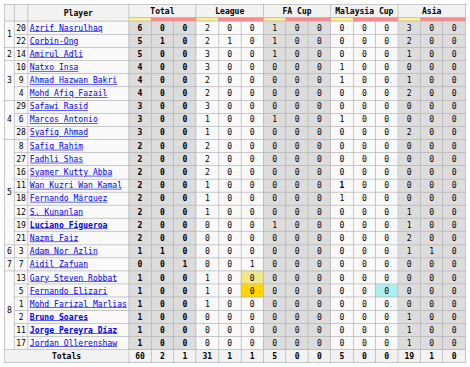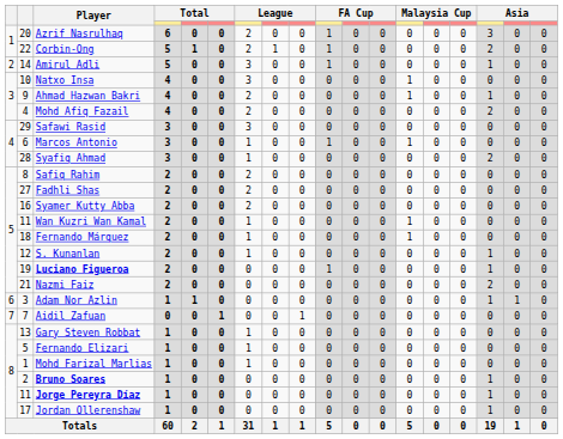 <table class="wikitable" style="text-align:center;">
 <tr style="text-align:center;">
 <th style="width:10px;" rowspan="2"></th>
 <th style="width:10px;" rowspan="2"></th>
 <th rowspan="2">Player</th>
 <th colspan="3">Total</th>
 <th colspan="3">League</th>
 <th colspan="3">FA Cup</th>
 <th colspan="3">Malaysia Cup</th>
 <th colspan="3">Asia</th>
 </tr>
 <tr>
 <th style="width:30px; background:#fe9;"></th>
 <th style="width:30px; background:#ff8888;"></th>
 <th style="width:30px; background:#ff8888;"></th>
 <th style="width:30px; background:#fe9;"></th>
 <th style="width:30px; background:#ff8888;"></th>
 <th style="width:30px; background:#ff8888;"></th>
 <th style="width:30px; background:#fe9;"></th>
 <th style="width:30px; background:#ff8888;"></th>
 <th style="width:30px; background:#ff8888;"></th>
 <th style="width:30px; background:#fe9;"></th>
 <th style="width:30px; background:#ff8888;"></th>
 <th style="width:30px; background:#ff8888;"></th>
 <th style="width:30px; background:#fe9;"></th>
 <th style="width:30px; background:#ff8888;"></th>
 <th style="width:30px; background:#ff8888;"></th>
 </tr>
 <tr>
 <td rowspan="2">1</td>
 <td>20</td>
 <td align=left> <a href='#'>Azrif Nasrulhaq</a></td>
 <td style="background:#DCDCDC"><strong>6</strong> </td>
 <td style="background:#DCDCDC"><strong>0</strong> </td>
 <td style="background:#DCDCDC"><strong>0</strong> </td>
 <td>2 </td>
 <td>0 </td>
 <td>0 </td>
 <td style="background:#DCDCDC">1 </td>
 <td style="background:#DCDCDC">0 </td>
 <td style="background:#DCDCDC">0 </td>
 <td>0 </td>
 <td>0 </td>
 <td>0 </td>
 <td style="background:#DCDCDC">3 </td>
 <td style="background:#DCDCDC">0 </td>
 <td style="background:#DCDCDC">0 </td>
 </tr>
 <tr>
 <td>22</td>
 <td align=left> <a href='#'>Corbin-Ong</a></td>
 <td style="background:#DCDCDC"><strong>5</strong> </td>
 <td style="background:#DCDCDC"><strong>1</strong> </td>
 <td style="background:#DCDCDC"><strong>0</strong> </td>
 <td>2 </td>
 <td>1 </td>
 <td>0 </td>
 <td style="background:#DCDCDC">1 </td>
 <td style="background:#DCDCDC">0 </td>
 <td style="background:#DCDCDC">0 </td>
 <td>0 </td>
 <td>0 </td>
 <td>0 </td>
 <td style="background:#DCDCDC">2 </td>
 <td style="background:#DCDCDC">0 </td>
 <td style="background:#DCDCDC">0 </td>
 </tr>
 <tr>
 <td rowspan="1">2</td>
 <td>14</td>
 <td align=left> <a href='#'>Amirul Adli</a></td>
 <td style="background:#DCDCDC"><strong>5</strong> </td>
 <td style="background:#DCDCDC"><strong>0</strong> </td>
 <td style="background:#DCDCDC"><strong>0</strong> </td>
 <td>3 </td>
 <td>0 </td>
 <td>0 </td>
 <td style="background:#DCDCDC">1 </td>
 <td style="background:#DCDCDC">0 </td>
 <td style="background:#DCDCDC">0 </td>
 <td>0 </td>
 <td>0 </td>
 <td>0 </td>
 <td style="background:#DCDCDC">1 </td>
 <td style="background:#DCDCDC">0 </td>
 <td style="background:#DCDCDC">0 </td>
 </tr>
 <tr>
 <td rowspan="3">3</td>
 <td>10</td>
 <td align=left> <a href='#'>Natxo Insa</a></td>
 <td style="background:#DCDCDC"><strong>4</strong> </td>
 <td style="background:#DCDCDC"><strong>0</strong> </td>
 <td style="background:#DCDCDC"><strong>0</strong> </td>
 <td>3 </td>
 <td>0 </td>
 <td>0 </td>
 <td style="background:#DCDCDC">0 </td>
 <td style="background:#DCDCDC">0 </td>
 <td style="background:#DCDCDC">0 </td>
 <td>1 </td>
 <td>0 </td>
 <td>0 </td>
 <td style="background:#DCDCDC">0 </td>
 <td style="background:#DCDCDC">0 </td>
 <td style="background:#DCDCDC">0 </td>
 </tr>
 <tr>
 <td>9</td>
 <td align=left> <a href='#'>Ahmad Hazwan Bakri</a></td>
 <td style="background:#DCDCDC"><strong>4</strong> </td>
 <td style="background:#DCDCDC"><strong>0</strong> </td>
 <td style="background:#DCDCDC"><strong>0</strong> </td>
 <td>2 </td>
 <td>0 </td>
 <td>0 </td>
 <td style="background:#DCDCDC">0 </td>
 <td style="background:#DCDCDC">0 </td>
 <td style="background:#DCDCDC">0 </td>
 <td>1 </td>
 <td>0 </td>
 <td>0 </td>
 <td style="background:#DCDCDC">1 </td>
 <td style="background:#DCDCDC">0 </td>
 <td style="background:#DCDCDC">0 </td>
 </tr>
 <tr>
 <td>4</td>
 <td align=left> <a href='#'>Mohd Afiq Fazail</a></td>
 <td style="background:#DCDCDC"><strong>4</strong> </td>
 <td style="background:#DCDCDC"><strong>0</strong> </td>
 <td style="background:#DCDCDC"><strong>0</strong> </td>
 <td>2 </td>
 <td>0 </td>
 <td>0 </td>
 <td style="background:#DCDCDC">0 </td>
 <td style="background:#DCDCDC">0 </td>
 <td style="background:#DCDCDC">0 </td>
 <td>0 </td>
 <td>0 </td>
 <td>0 </td>
 <td style="background:#DCDCDC">2 </td>
 <td style="background:#DCDCDC">0 </td>
 <td style="background:#DCDCDC">0 </td>
 </tr>
 <tr>
 <td rowspan="3">4</td>
 <td>29</td>
 <td align=left> <a href='#'>Safawi Rasid</a></td>
 <td style="background:#DCDCDC"><strong>3</strong> </td>
 <td style="background:#DCDCDC"><strong>0</strong> </td>
 <td style="background:#DCDCDC"><strong>0</strong> </td>
 <td>3 </td>
 <td>0 </td>
 <td>0 </td>
 <td style="background:#DCDCDC">0 </td>
 <td style="background:#DCDCDC">0 </td>
 <td style="background:#DCDCDC">0 </td>
 <td>0 </td>
 <td>0 </td>
 <td>0 </td>
 <td style="background:#DCDCDC">0 </td>
 <td style="background:#DCDCDC">0 </td>
 <td style="background:#DCDCDC">0 </td>
 </tr>
 <tr>
 <td>6</td>
 <td align=left> <a href='#'>Marcos Antonio</a></td>
 <td style="background:#DCDCDC"><strong>3</strong> </td>
 <td style="background:#DCDCDC"><strong>0</strong> </td>
 <td style="background:#DCDCDC"><strong>0</strong> </td>
 <td>1 </td>
 <td>0 </td>
 <td>0 </td>
 <td style="background:#DCDCDC">1 </td>
 <td style="background:#DCDCDC">0 </td>
 <td style="background:#DCDCDC">0 </td>
 <td>1 </td>
 <td>0 </td>
 <td>0 </td>
 <td style="background:#DCDCDC">0 </td>
 <td style="background:#DCDCDC">0 </td>
 <td style="background:#DCDCDC">0 </td>
 </tr>
 <tr>
 <td>28</td>
 <td align=left> <a href='#'>Syafiq Ahmad</a></td>
 <td style="background:#DCDCDC"><strong>3</strong> </td>
 <td style="background:#DCDCDC"><strong>0</strong> </td>
 <td style="background:#DCDCDC"><strong>0</strong> </td>
 <td>1 </td>
 <td>0 </td>
 <td>0 </td>
 <td style="background:#DCDCDC">0 </td>
 <td style="background:#DCDCDC">0 </td>
 <td style="background:#DCDCDC">0 </td>
 <td>0 </td>
 <td>0 </td>
 <td>0 </td>
 <td style="background:#DCDCDC">2 </td>
 <td style="background:#DCDCDC">0 </td>
 <td style="background:#DCDCDC">0 </td>
 </tr>
 <tr>
 <td rowspan="8">5</td>
 <td>8</td>
 <td align=left> <a href='#'>Safiq Rahim</a></td>
 <td style="background:#DCDCDC"><strong>2</strong> </td>
 <td style="background:#DCDCDC"><strong>0</strong> </td>
 <td style="background:#DCDCDC"><strong>0</strong> </td>
 <td>2 </td>
 <td>0 </td>
 <td>0 </td>
 <td style="background:#DCDCDC">0 </td>
 <td style="background:#DCDCDC">0 </td>
 <td style="background:#DCDCDC">0 </td>
 <td>0 </td>
 <td>0 </td>
 <td>0 </td>
 <td style="background:#DCDCDC">0 </td>
 <td style="background:#DCDCDC">0 </td>
 <td style="background:#DCDCDC">0 </td>
 </tr>
 <tr>
 <td>27</td>
 <td align=left> <a href='#'>Fadhli Shas</a></td>
 <td style="background:#DCDCDC"><strong>2</strong> </td>
 <td style="background:#DCDCDC"><strong>0</strong> </td>
 <td style="background:#DCDCDC"><strong>0</strong> </td>
 <td>2 </td>
 <td>0 </td>
 <td>0 </td>
 <td style="background:#DCDCDC">0 </td>
 <td style="background:#DCDCDC">0 </td>
 <td style="background:#DCDCDC">0 </td>
 <td>0 </td>
 <td>0 </td>
 <td>0 </td>
 <td style="background:#DCDCDC">0 </td>
 <td style="background:#DCDCDC">0 </td>
 <td style="background:#DCDCDC">0 </td>
 </tr>
 <tr>
 <td>16</td>
 <td align=left> <a href='#'>Syamer Kutty Abba</a></td>
 <td style="background:#DCDCDC"><strong>2</strong> </td>
 <td style="background:#DCDCDC"><strong>0</strong> </td>
 <td style="background:#DCDCDC"><strong>0</strong> </td>
 <td>2 </td>
 <td>0 </td>
 <td>0 </td>
 <td style="background:#DCDCDC">0 </td>
 <td style="background:#DCDCDC">0 </td>
 <td style="background:#DCDCDC">0 </td>
 <td>0 </td>
 <td>0 </td>
 <td>0 </td>
 <td style="background:#DCDCDC">0 </td>
 <td style="background:#DCDCDC">0 </td>
 <td style="background:#DCDCDC">0 </td>
 </tr>
 <tr>
 <td>11</td>
 <td align=left> <a href='#'>Wan Kuzri Wan Kamal</a></td>
 <td style="background:#DCDCDC"><strong>2</strong> </td>
 <td style="background:#DCDCDC"><strong>0</strong> </td>
 <td style="background:#DCDCDC"><strong>0</strong> </td>
 <td>1 </td>
 <td>0 </td>
 <td>0 </td>
 <td style="background:#DCDCDC">0 </td>
 <td style="background:#DCDCDC">0 </td>
 <td style="background:#DCDCDC">0 </td>
-<td><strong>1 </strong></td>
+<td>1 </td>
 <td>0 </td>
 <td>0 </td>
 <td style="background:#DCDCDC">0 </td>
 <td style="background:#DCDCDC">0 </td>
 <td style="background:#DCDCDC">0 </td>
 </tr>
 <tr>
 <td>18</td>
 <td align=left> <a href='#'>Fernando Márquez</a></td>
 <td style="background:#DCDCDC"><strong>2</strong> </td>
 <td style="background:#DCDCDC"><strong>0</strong> </td>
 <td style="background:#DCDCDC"><strong>0</strong> </td>
 <td>1 </td>
 <td>0 </td>
 <td>0 </td>
 <td style="background:#DCDCDC">0 </td>
 <td style="background:#DCDCDC">0 </td>
 <td style="background:#DCDCDC">0 </td>
 <td>1 </td>
 <td>0 </td>
 <td>0 </td>
 <td style="background:#DCDCDC">0 </td>
 <td style="background:#DCDCDC">0 </td>
 <td style="background:#DCDCDC">0 </td>
 </tr>
 <tr>
 <td>12</td>
 <td align=left> <a href='#'>S. Kunanlan</a></td>
 <td style="background:#DCDCDC"><strong>2</strong> </td>
 <td style="background:#DCDCDC"><strong>0</strong> </td>
 <td style="background:#DCDCDC"><strong>0</strong> </td>
 <td>1 </td>
 <td>0 </td>
 <td>0 </td>
 <td style="background:#DCDCDC">0 </td>
 <td style="background:#DCDCDC">0 </td>
 <td style="background:#DCDCDC">0 </td>
 <td>0 </td>
 <td>0 </td>
 <td>0 </td>
 <td style="background:#DCDCDC">1 </td>
 <td style="background:#DCDCDC">0 </td>
 <td style="background:#DCDCDC">0 </td>
 </tr>
 <tr>
 <td>19</td>
 <td align=left> <strong><a href='#'>Luciano Figueroa</a></strong></td>
 <td style="background:#DCDCDC"><strong>2</strong> </td>
 <td style="background:#DCDCDC"><strong>0</strong> </td>
 <td style="background:#DCDCDC"><strong>0</strong> </td>
 <td>0 </td>
 <td>0 </td>
 <td>0 </td>
 <td style="background:#DCDCDC">1 </td>
 <td style="background:#DCDCDC">0 </td>
 <td style="background:#DCDCDC">0 </td>
 <td>0 </td>
 <td>0 </td>
 <td>0 </td>
 <td style="background:#DCDCDC">1 </td>
 <td style="background:#DCDCDC">0 </td>
 <td style="background:#DCDCDC">0 </td>
 </tr>
 <tr>
 <td>21</td>
 <td align=left> <a href='#'>Nazmi Faiz</a></td>
 <td style="background:#DCDCDC"><strong>2</strong> </td>
 <td style="background:#DCDCDC"><strong>0</strong> </td>
 <td style="background:#DCDCDC"><strong>0</strong> </td>
 <td>0 </td>
 <td>0 </td>
 <td>0 </td>
 <td style="background:#DCDCDC">0 </td>
 <td style="background:#DCDCDC">0 </td>
 <td style="background:#DCDCDC">0 </td>
 <td>0 </td>
 <td>0 </td>
 <td>0 </td>
 <td style="background:#DCDCDC">2 </td>
 <td style="background:#DCDCDC">0 </td>
 <td style="background:#DCDCDC">0 </td>
 </tr>
 <tr>
 <td rowspan="1">6</td>
 <td>3</td>
 <td align=left> <a href='#'>Adam Nor Azlin</a></td>
 <td style="background:#DCDCDC"><strong>1</strong> </td>
 <td style="background:#DCDCDC"><strong>1</strong> </td>
 <td style="background:#DCDCDC"><strong>0</strong> </td>
 <td>0 </td>
 <td>0 </td>
 <td>0 </td>
 <td style="background:#DCDCDC">0 </td>
 <td style="background:#DCDCDC">0 </td>
 <td style="background:#DCDCDC">0 </td>
 <td>0 </td>
 <td>0 </td>
 <td>0 </td>
 <td style="background:#DCDCDC">1 </td>
 <td style="background:#DCDCDC">1 </td>
 <td style="background:#DCDCDC">0 </td>
 </tr>
 <tr>
 <td rowspan="1">7</td>
 <td>7</td>
 <td align=left> <a href='#'>Aidil Zafuan</a></td>
 <td style="background:#DCDCDC"><strong>0</strong> </td>
 <td style="background:#DCDCDC"><strong>0</strong> </td>
 <td style="background:#DCDCDC"><strong>1</strong> </td>
 <td>0 </td>
 <td>0 </td>
 <td>1 </td>
 <td style="background:#DCDCDC">0 </td>
 <td style="background:#DCDCDC">0 </td>
 <td style="background:#DCDCDC">0 </td>
 <td>0 </td>
 <td>0 </td>
 <td>0 </td>
 <td style="background:#DCDCDC">0 </td>
 <td style="background:#DCDCDC">0 </td>
 <td style="background:#DCDCDC">0 </td>
 </tr>
 <tr>
 <td rowspan="6">8</td>
 <td>13</td>
 <td align=left> <a href='#'>Gary Steven Robbat</a></td>
 <td style="background:#DCDCDC"><strong>1</strong> </td>
 <td style="background:#DCDCDC"><strong>0</strong> </td>
 <td style="background:#DCDCDC"><strong>0</strong> </td>
 <td>1 </td>
 <td>0 </td>
-<td style="background: khaki;">0 </td>
+<td>0 </td>
 <td style="background:#DCDCDC">0 </td>
 <td style="background:#DCDCDC">0 </td>
 <td style="background:#DCDCDC">0 </td>
 <td>0 </td>
 <td>0 </td>
 <td>0 </td>
 <td style="background:#DCDCDC">0 </td>
 <td style="background:#DCDCDC">0 </td>
 <td style="background:#DCDCDC">0 </td>
 </tr>
 <tr>
 <td>5</td>
 <td align=left> <a href='#'>Fernando Elizari</a></td>
 <td style="background:#DCDCDC"><strong>1</strong> </td>
 <td style="background:#DCDCDC"><strong>0</strong> </td>
 <td style="background:#DCDCDC"><strong>0</strong> </td>
 <td>1 </td>
 <td>0 </td>
-<td style="background: gold;">0 </td>
+<td>0 </td>
 <td style="background:#DCDCDC">0 </td>
 <td style="background:#DCDCDC">0 </td>
 <td style="background:#DCDCDC">0 </td>
 <td>0 </td>
 <td>0 </td>
-<td style="background: paleturquoise;">0 </td>
+<td>0 </td>
 <td style="background:#DCDCDC">0 </td>
 <td style="background:#DCDCDC">0 </td>
 <td style="background:#DCDCDC">0 </td>
 </tr>
 <tr>
 <td>1</td>
 <td align=left> <a href='#'>Mohd Farizal Marlias</a></td>
 <td style="background:#DCDCDC"><strong>1</strong> </td>
 <td style="background:#DCDCDC"><strong>0</strong> </td>
 <td style="background:#DCDCDC"><strong>0</strong> </td>
 <td>1 </td>
 <td>0 </td>
 <td>0 </td>
 <td style="background:#DCDCDC">0 </td>
 <td style="background:#DCDCDC">0 </td>
 <td style="background:#DCDCDC">0 </td>
 <td>0 </td>
 <td>0 </td>
 <td>0 </td>
 <td style="background:#DCDCDC">0 </td>
 <td style="background:#DCDCDC">0 </td>
 <td style="background:#DCDCDC">0 </td>
 </tr>
 <tr>
 <td>2</td>
 <td align=left> <strong><a href='#'>Bruno Soares</a></strong></td>
 <td style="background:#DCDCDC"><strong>1</strong> </td>
 <td style="background:#DCDCDC"><strong>0</strong> </td>
 <td style="background:#DCDCDC"><strong>0</strong> </td>
 <td>0 </td>
 <td>0 </td>
 <td>0 </td>
 <td style="background:#DCDCDC">0 </td>
 <td style="background:#DCDCDC">0 </td>
 <td style="background:#DCDCDC">0 </td>
 <td>0 </td>
 <td>0 </td>
 <td>0 </td>
 <td style="background:#DCDCDC">1 </td>
 <td style="background:#DCDCDC">0 </td>
 <td style="background:#DCDCDC">0 </td>
 </tr>
 <tr>
 <td>11</td>
 <td align=left> <strong><a href='#'>Jorge Pereyra Díaz</a></strong></td>
 <td style="background:#DCDCDC"><strong>1</strong> </td>
 <td style="background:#DCDCDC"><strong>0</strong> </td>
 <td style="background:#DCDCDC"><strong>0</strong> </td>
 <td>0 </td>
 <td>0 </td>
 <td>0 </td>
 <td style="background:#DCDCDC">0 </td>
 <td style="background:#DCDCDC">0 </td>
 <td style="background:#DCDCDC">0 </td>
 <td>0 </td>
 <td>0 </td>
 <td>0 </td>
 <td style="background:#DCDCDC">1 </td>
 <td style="background:#DCDCDC">0 </td>
 <td style="background:#DCDCDC">0 </td>
 </tr>
 <tr>
 <td>17</td>
 <td align=left> <a href='#'>Jordan Ollerenshaw</a></td>
 <td style="background:#DCDCDC"><strong>1</strong> </td>
 <td style="background:#DCDCDC"><strong>0</strong> </td>
 <td style="background:#DCDCDC"><strong>0</strong> </td>
 <td>0 </td>
 <td>0 </td>
 <td>0 </td>
 <td style="background:#DCDCDC">0 </td>
 <td style="background:#DCDCDC">0 </td>
 <td style="background:#DCDCDC">0 </td>
 <td>0 </td>
 <td>0 </td>
 <td>0 </td>
 <td style="background:#DCDCDC">1 </td>
 <td style="background:#DCDCDC">0 </td>
 <td style="background:#DCDCDC">0 </td>
 </tr>
 <tr>
 <th colspan="3">Totals</th>
 <th>60 </th>
 <th>2 </th>
 <th>1 </th>
 <th>31 </th>
 <th>1 </th>
 <th>1 </th>
 <th>5 </th>
 <th>0 </th>
 <th>0 </th>
 <th>5 </th>
 <th>0 </th>
 <th>0 </th>
 <th>19 </th>
 <th>1 </th>
 <th>0 </th>
 </tr>
 </table>
